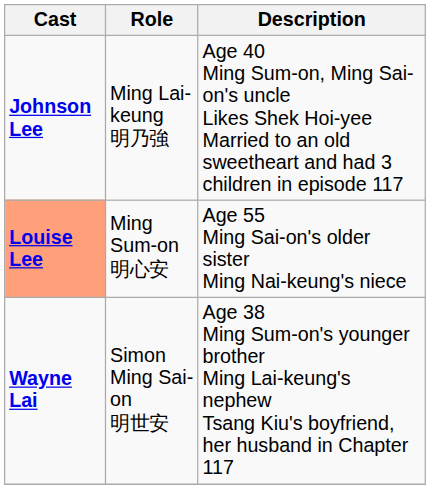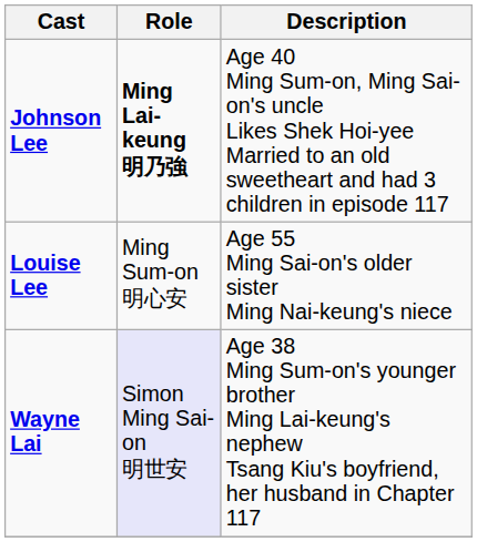 <table class="wikitable" width="55%">
 <tr>
 <th>Cast</th>
 <th>Role</th>
 <th>Description</th>
 </tr>
 <tr>
 <td><strong><a href='#'>Johnson Lee</a></strong></td>
-<td>Ming Lai-keung <br> 明乃強</td>
+<td><strong>Ming Lai-keung <br> 明乃強</strong></td>
 <td>Age 40<br>Ming Sum-on, Ming Sai-on's uncle<br>Likes Shek Hoi-yee<br>Married to an old sweetheart and had 3 children in episode 117</td>
 </tr>
 <tr>
-<td style="background: lightsalmon;"><strong><a href='#'>Louise Lee</a></strong></td>
+<td><strong><a href='#'>Louise Lee</a></strong></td>
 <td>Ming Sum-on <br> 明心安</td>
 <td>Age 55<br>Ming Sai-on's older sister<br>Ming Nai-keung's niece</td>
 </tr>
 <tr>
 <td><strong><a href='#'>Wayne Lai</a></strong></td>
-<td>Simon Ming Sai-on <br> 明世安</td>
+<td style="background: lavender;">Simon Ming Sai-on <br> 明世安</td>
 <td>Age 38<br>Ming Sum-on's younger brother<br>Ming Lai-keung's nephew<br> Tsang Kiu's boyfriend, her husband in Chapter 117</td>
 </tr>
 <tr>
 </tr>
 </table>
